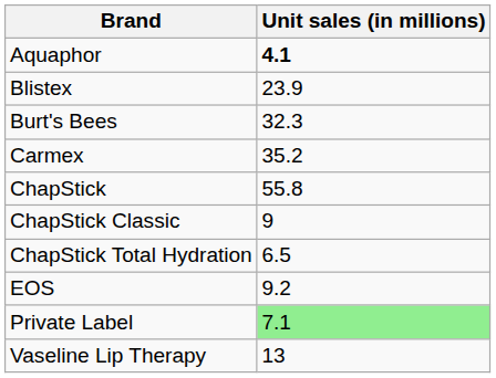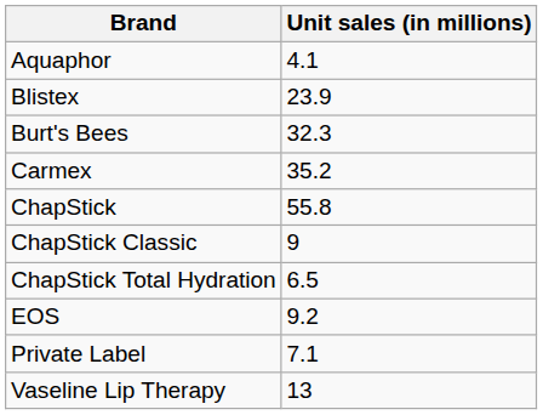 <table class="wikitable">
 <tr>
 <th>Brand</th>
 <th>Unit sales (in millions)</th>
 </tr>
 <tr>
 <td>Aquaphor</td>
-<td><strong>4.1</strong></td>
+<td>4.1</td>
 </tr>
 <tr>
 <td>Blistex</td>
 <td>23.9</td>
 </tr>
 <tr>
 <td>Burt's Bees</td>
 <td>32.3</td>
 </tr>
 <tr>
 <td>Carmex</td>
 <td>35.2</td>
 </tr>
 <tr>
 <td>ChapStick</td>
 <td>55.8</td>
 </tr>
 <tr>
 <td>ChapStick Classic</td>
 <td>9</td>
 </tr>
 <tr>
 <td>ChapStick Total Hydration</td>
 <td>6.5</td>
 </tr>
 <tr>
 <td>EOS</td>
 <td>9.2</td>
 </tr>
 <tr>
 <td>Private Label</td>
-<td style="background: lightgreen;">7.1</td>
+<td>7.1</td>
 </tr>
 <tr>
 <td>Vaseline Lip Therapy</td>
 <td>13</td>
 </tr>
 </table>
